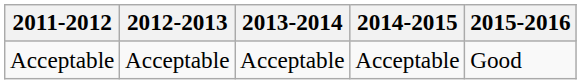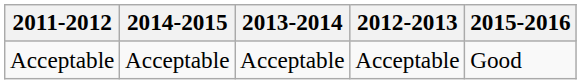 <table class="wikitable">
 <tr>
 <th>2011-2012</th>
+<th>2014-2015</th>
+<th>2013-2014</th>
 <th>2012-2013</th>
-<th>2013-2014</th>
-<th>2014-2015</th>
 <th>2015-2016</th>
 </tr>
 <tr>
 <td>Acceptable</td>
 <td>Acceptable</td>
 <td>Acceptable</td>
 <td>Acceptable</td>
 <td>Good</td>
 </tr>
 </table>
